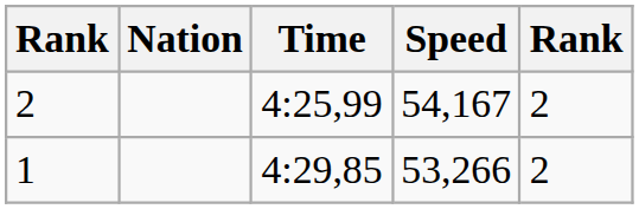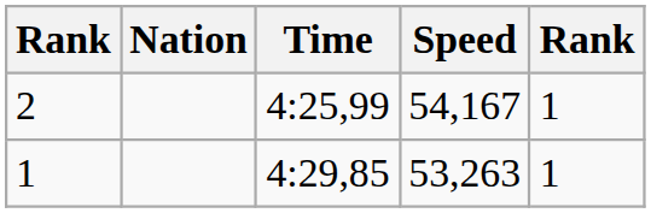 <table class="wikitable" style="font-size:95%;">
 <tr>
 <th>Rank</th>
 <th>Nation</th>
 <th>Time</th>
 <th>Speed</th>
 <th>Rank</th>
 </tr>
 <tr>
 <td>2</td>
 <td></td>
 <td>4:25,99</td>
 <td>54,167</td>
-<td>2</td>
+<td>1</td>
 </tr>
 <tr>
 <td>1</td>
 <td></td>
 <td>4:29,85</td>
-<td>53,266</td>
-<td>2</td>
+<td>53,263</td>
+<td>1</td>
 </tr>
 </table>
